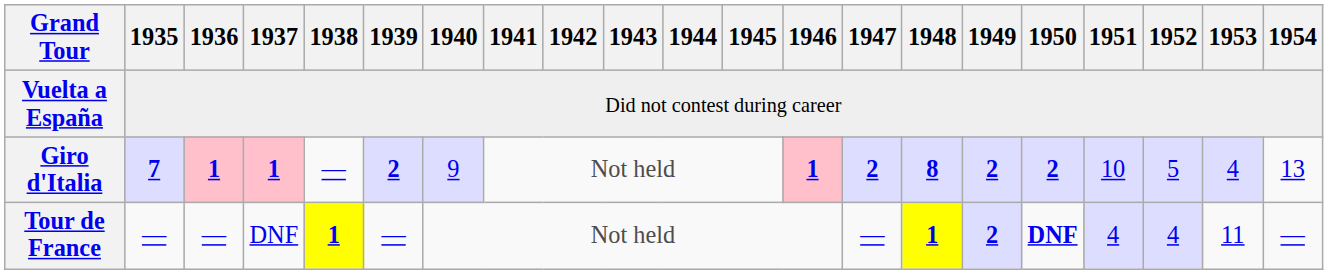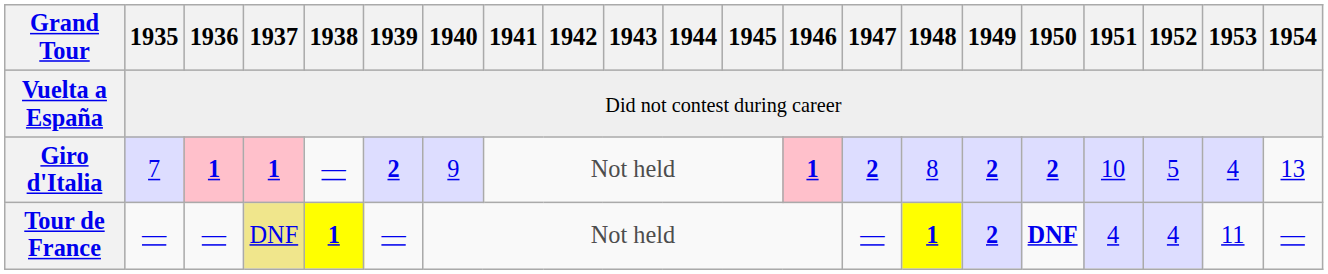 <table class="wikitable plainrowheaders">
 <tr>
 <th scope="col"><a href='#'>Grand Tour</a></th>
 <th scope="col">1935</th>
 <th scope="col">1936</th>
 <th scope="col">1937</th>
 <th scope="col">1938</th>
 <th scope="col">1939</th>
 <th scope="col">1940</th>
 <th scope="col">1941</th>
 <th scope="col">1942</th>
 <th scope="col">1943</th>
 <th scope="col">1944</th>
 <th scope="col">1945</th>
 <th scope="col">1946</th>
 <th scope="col">1947</th>
 <th scope="col">1948</th>
 <th scope="col">1949</th>
 <th scope="col">1950</th>
 <th scope="col">1951</th>
 <th scope="col">1952</th>
 <th scope="col">1953</th>
 <th scope="col">1954</th>
 </tr>
 <tr style="text-align:center;">
 <th scope="row"> <a href='#'>Vuelta a España</a></th>
 <td style="text-align:center; background:#efefef;" colspan=20><small>Did not contest during career</small></td>
 </tr>
 <tr style="text-align:center;">
 <th scope="row"> <a href='#'>Giro d'Italia</a></th>
-<td style="background:#ddddff;"><strong><a href='#'>7</a></strong></td>
+<td style="background:#ddddff;"><a href='#'>7</a></td>
 <td style="background:pink;"><a href='#'><strong>1</strong></a></td>
 <td style="background:pink;"><a href='#'><strong>1</strong></a></td>
 <td><a href='#'>—</a></td>
 <td style="background:#ddddff;"><a href='#'><strong>2</strong></a></td>
 <td style="background:#ddddff;"><a href='#'>9</a></td>
 <td style="color:#4d4d4d;" colspan=5>Not held</td>
 <td style="background:pink;"><a href='#'><strong>1</strong></a></td>
 <td style="background:#ddddff;"><a href='#'><strong>2</strong></a></td>
-<td style="background:#ddddff;"><strong><a href='#'>8</a></strong></td>
+<td style="background:#ddddff;"><a href='#'>8</a></td>
 <td style="background:#ddddff;"><a href='#'><strong>2</strong></a></td>
 <td style="background:#ddddff;"><a href='#'><strong>2</strong></a></td>
 <td style="background:#ddddff;"><a href='#'>10</a></td>
 <td style="background:#ddddff;"><a href='#'>5</a></td>
 <td style="background:#ddddff;"><a href='#'>4</a></td>
 <td><a href='#'>13</a></td>
 </tr>
 <tr style="text-align:center;">
 <th scope="row"> <a href='#'>Tour de France</a></th>
 <td><a href='#'>—</a></td>
 <td><a href='#'>—</a></td>
-<td><a href='#'>DNF</a></td>
+<td style="background: khaki;"><a href='#'>DNF</a></td>
 <td style="background:yellow;"><a href='#'><strong>1</strong></a></td>
 <td><a href='#'>—</a></td>
 <td style="color:#4d4d4d;" colspan=7>Not held</td>
 <td><a href='#'>—</a></td>
 <td style="background:yellow;"><a href='#'><strong>1</strong></a></td>
 <td style="background:#ddddff;"><a href='#'><strong>2</strong></a></td>
 <td><strong><a href='#'>DNF</a></strong></td>
 <td style="background:#ddddff;"><a href='#'>4</a></td>
 <td style="background:#ddddff;"><a href='#'>4</a></td>
 <td><a href='#'>11</a></td>
 <td><a href='#'>—</a></td>
 </tr>
 </table>
